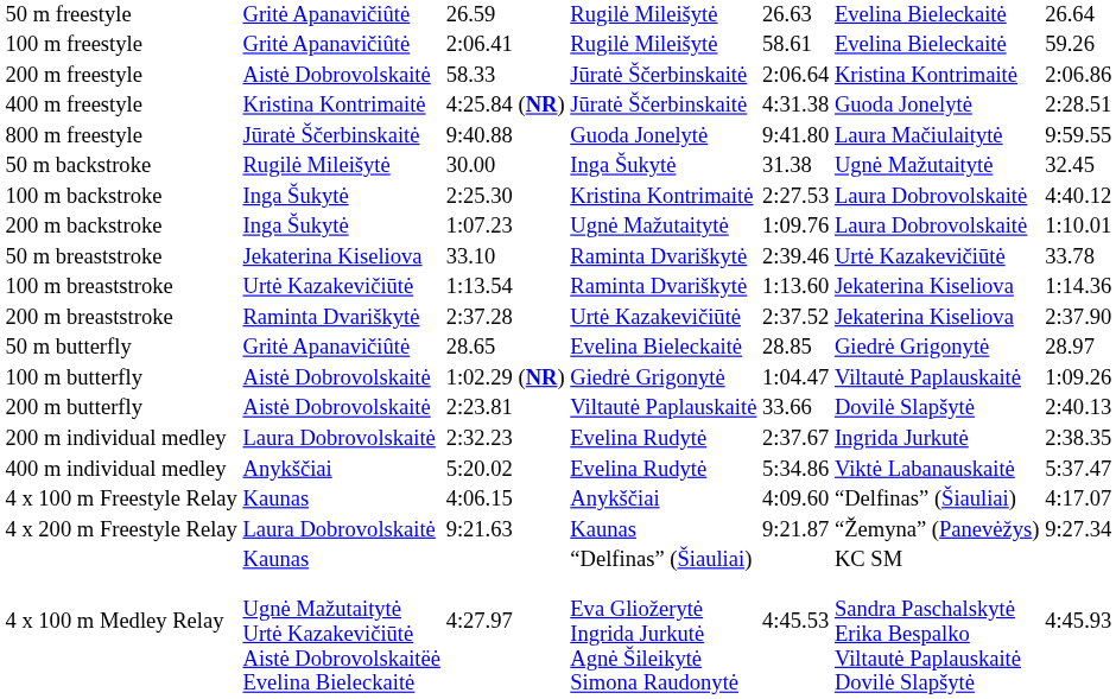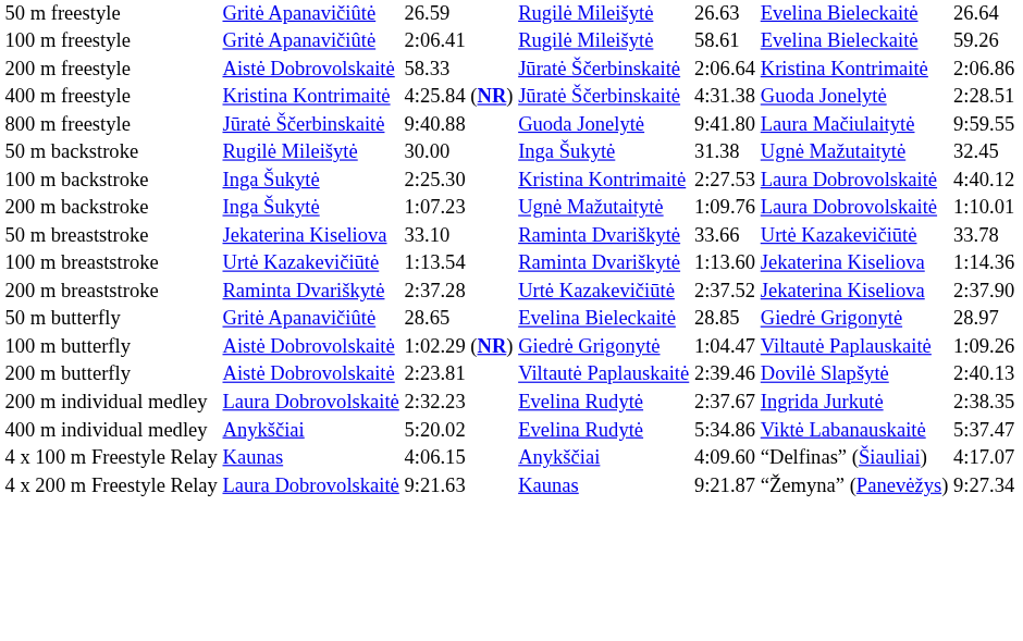 <table>
 <tr>
 <td>50 m freestyle</td>
 <td><a href='#'>Gritė Apanavičiûtė</a></td>
 <td>26.59</td>
 <td><a href='#'>Rugilė Mileišytė</a></td>
 <td>26.63</td>
 <td><a href='#'>Evelina Bieleckaitė</a></td>
 <td>26.64</td>
 </tr>
 <tr>
 <td>100 m freestyle</td>
 <td><a href='#'>Gritė Apanavičiûtė</a></td>
 <td>2:06.41</td>
 <td><a href='#'>Rugilė Mileišytė</a></td>
 <td>58.61</td>
 <td><a href='#'>Evelina Bieleckaitė</a></td>
 <td>59.26</td>
 </tr>
 <tr>
 <td>200 m freestyle</td>
 <td><a href='#'>Aistė Dobrovolskaitė</a></td>
 <td>58.33</td>
 <td><a href='#'>Jūratė Ščerbinskaitė</a></td>
 <td>2:06.64</td>
 <td><a href='#'>Kristina Kontrimaitė</a></td>
 <td>2:06.86</td>
 </tr>
 <tr>
 <td>400 m freestyle</td>
 <td><a href='#'>Kristina Kontrimaitė</a></td>
 <td>4:25.84 (<strong><a href='#'>NR</a></strong>)</td>
 <td><a href='#'>Jūratė Ščerbinskaitė</a></td>
 <td>4:31.38</td>
 <td><a href='#'>Guoda Jonelytė</a></td>
 <td>2:28.51</td>
 </tr>
 <tr>
 <td>800 m freestyle</td>
 <td><a href='#'>Jūratė Ščerbinskaitė</a></td>
 <td>9:40.88</td>
 <td><a href='#'>Guoda Jonelytė</a></td>
 <td>9:41.80</td>
 <td><a href='#'>Laura Mačiulaitytė</a></td>
 <td>9:59.55</td>
 </tr>
 <tr>
 <td>50 m backstroke</td>
 <td><a href='#'>Rugilė Mileišytė</a></td>
 <td>30.00</td>
 <td><a href='#'>Inga Šukytė</a></td>
 <td>31.38</td>
 <td><a href='#'>Ugnė Mažutaitytė</a></td>
 <td>32.45</td>
 </tr>
 <tr>
 <td>100 m backstroke</td>
 <td><a href='#'>Inga Šukytė</a></td>
 <td>2:25.30</td>
 <td><a href='#'>Kristina Kontrimaitė</a></td>
 <td>2:27.53</td>
 <td><a href='#'>Laura Dobrovolskaitė</a></td>
 <td>4:40.12</td>
 </tr>
 <tr>
 <td>200 m backstroke</td>
 <td><a href='#'>Inga Šukytė</a></td>
 <td>1:07.23</td>
 <td><a href='#'>Ugnė Mažutaitytė</a></td>
 <td>1:09.76</td>
 <td><a href='#'>Laura Dobrovolskaitė</a></td>
 <td>1:10.01</td>
 </tr>
 <tr>
 <td>50 m breaststroke</td>
 <td><a href='#'>Jekaterina Kiseliova</a></td>
 <td>33.10</td>
 <td><a href='#'>Raminta Dvariškytė</a></td>
-<td>2:39.46</td>
+<td>33.66</td>
 <td><a href='#'>Urtė Kazakevičiūtė</a></td>
 <td>33.78</td>
 </tr>
 <tr>
 <td>100 m breaststroke</td>
 <td><a href='#'>Urtė Kazakevičiūtė</a></td>
 <td>1:13.54</td>
 <td><a href='#'>Raminta Dvariškytė</a></td>
 <td>1:13.60</td>
 <td><a href='#'>Jekaterina Kiseliova</a></td>
 <td>1:14.36</td>
 </tr>
 <tr>
 <td>200 m breaststroke</td>
 <td><a href='#'>Raminta Dvariškytė</a></td>
 <td>2:37.28</td>
 <td><a href='#'>Urtė Kazakevičiūtė</a></td>
 <td>2:37.52</td>
 <td><a href='#'>Jekaterina Kiseliova</a></td>
 <td>2:37.90</td>
 </tr>
 <tr>
 <td>50 m butterfly</td>
 <td><a href='#'>Gritė Apanavičiûtė</a></td>
 <td>28.65</td>
 <td><a href='#'>Evelina Bieleckaitė</a></td>
 <td>28.85</td>
 <td><a href='#'>Giedrė Grigonytė</a></td>
 <td>28.97</td>
 </tr>
 <tr>
 <td>100 m butterfly</td>
 <td><a href='#'>Aistė Dobrovolskaitė</a></td>
 <td>1:02.29 (<strong><a href='#'>NR</a></strong>)</td>
 <td><a href='#'>Giedrė Grigonytė</a></td>
 <td>1:04.47</td>
 <td><a href='#'>Viltautė Paplauskaitė</a></td>
 <td>1:09.26</td>
 </tr>
 <tr>
 <td>200 m butterfly</td>
 <td><a href='#'>Aistė Dobrovolskaitė</a></td>
 <td>2:23.81</td>
 <td><a href='#'>Viltautė Paplauskaitė</a></td>
-<td>33.66</td>
+<td>2:39.46</td>
 <td><a href='#'>Dovilė Slapšytė</a></td>
 <td>2:40.13</td>
 </tr>
 <tr>
 <td>200 m individual medley</td>
 <td><a href='#'>Laura Dobrovolskaitė</a></td>
 <td>2:32.23</td>
 <td><a href='#'>Evelina Rudytė</a></td>
 <td>2:37.67</td>
 <td><a href='#'>Ingrida Jurkutė</a></td>
 <td>2:38.35</td>
 </tr>
 <tr>
 <td>400 m individual medley</td>
 <td><a href='#'>Anykščiai</a></td>
 <td>5:20.02</td>
 <td><a href='#'>Evelina Rudytė</a></td>
 <td>5:34.86</td>
 <td><a href='#'>Viktė Labanauskaitė</a></td>
 <td>5:37.47</td>
 </tr>
 <tr>
 <td>4 x 100 m Freestyle Relay</td>
 <td><a href='#'>Kaunas</a></td>
 <td>4:06.15</td>
 <td><a href='#'>Anykščiai</a></td>
 <td>4:09.60</td>
 <td>“Delfinas” (<a href='#'>Šiauliai</a>)</td>
 <td>4:17.07</td>
 </tr>
 <tr>
 <td>4 x 200 m Freestyle Relay</td>
 <td><a href='#'>Laura Dobrovolskaitė</a></td>
 <td>9:21.63</td>
 <td><a href='#'>Kaunas</a></td>
 <td>9:21.87</td>
 <td>“Žemyna” (<a href='#'>Panevėžys</a>)</td>
 <td>9:27.34</td>
 </tr>
-<tr>
-<td>4 x 100 m Medley Relay</td>
-<td><a href='#'>Kaunas</a> <br><br><a href='#'>Ugnė Mažutaitytė</a> <br> <a href='#'>Urtė Kazakevičiūtė</a> <br> <a href='#'>Aistė Dobrovolskaitëė</a> <br> <a href='#'>Evelina Bieleckaitė</a></td>
-<td>4:27.97</td>
-<td>“Delfinas” (<a href='#'>Šiauliai</a>) <br><br><a href='#'>Eva Gliožerytė</a> <br> <a href='#'>Ingrida Jurkutė</a> <br> <a href='#'>Agnė Šileikytė</a> <br> <a href='#'>Simona Raudonytė</a></td>
-<td>4:45.53</td>
-<td>KC SM <br><br><a href='#'>Sandra Paschalskytė</a> <br> <a href='#'>Erika Bespalko</a> <br> <a href='#'>Viltautė Paplauskaitė</a> <br> <a href='#'>Dovilė Slapšytė</a></td>
-<td>4:45.93</td>
-</tr>
 </table>
